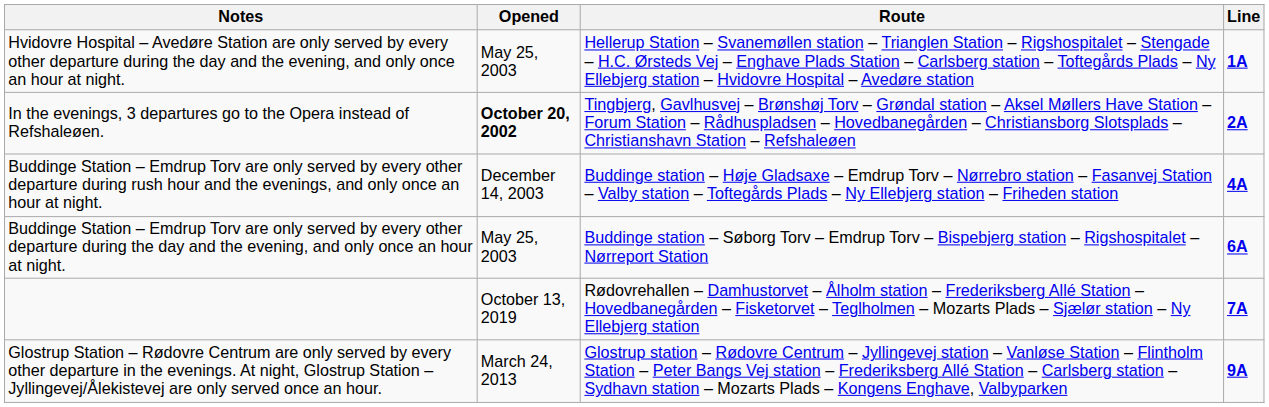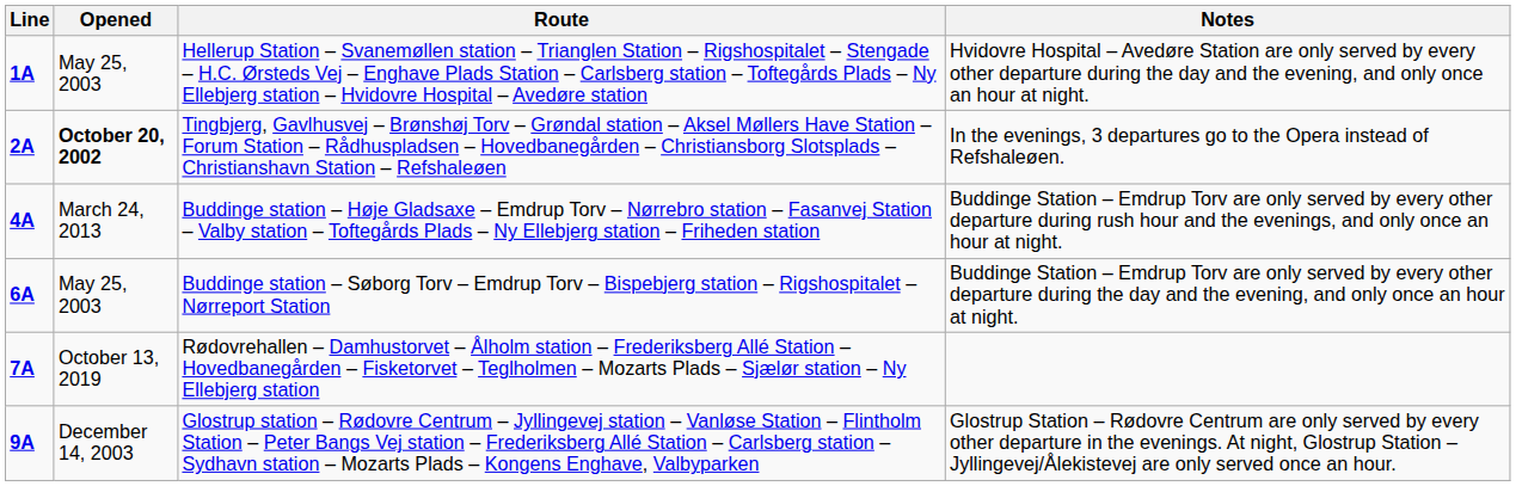 <table class="wikitable">
 <tr>
-<th>Notes</th>
+<th>Line</th>
 <th>Opened</th>
 <th>Route</th>
-<th>Line</th>
+<th>Notes</th>
 </tr>
 <tr>
-<td>Hvidovre Hospital – Avedøre Station are only served by every other departure during the day and the evening, and only once an hour at night.</td>
+<td><strong><a href='#'>1A</a></strong></td>
 <td>May 25, 2003</td>
 <td><a href='#'>Hellerup Station</a> – <a href='#'>Svanemøllen station</a> – <a href='#'>Trianglen Station</a> – <a href='#'>Rigshospitalet</a> – <a href='#'>Stengade</a> – <a href='#'>H.C. Ørsteds Vej</a> – <a href='#'>Enghave Plads Station</a> – <a href='#'>Carlsberg station</a> – <a href='#'>Toftegårds Plads</a> – <a href='#'>Ny Ellebjerg station</a> – <a href='#'>Hvidovre Hospital</a> – <a href='#'>Avedøre station</a></td>
-<td><strong><a href='#'>1A</a></strong></td>
+<td>Hvidovre Hospital – Avedøre Station are only served by every other departure during the day and the evening, and only once an hour at night.</td>
 </tr>
 <tr>
-<td>In the evenings, 3 departures go to the Opera instead of Refshaleøen.</td>
+<td><strong><a href='#'>2A</a></strong></td>
 <td><strong>October 20, 2002</strong></td>
 <td><a href='#'>Tingbjerg</a>, <a href='#'>Gavlhusvej</a> – <a href='#'>Brønshøj Torv</a> – <a href='#'>Grøndal station</a> – <a href='#'>Aksel Møllers Have Station</a> – <a href='#'>Forum Station</a> – <a href='#'>Rådhuspladsen</a> – <a href='#'>Hovedbanegården</a> – <a href='#'>Christiansborg Slotsplads</a> – <a href='#'>Christianshavn Station</a> – <a href='#'>Refshaleøen</a></td>
-<td><strong><a href='#'>2A</a></strong></td>
+<td>In the evenings, 3 departures go to the Opera instead of Refshaleøen.</td>
 </tr>
 <tr>
+<td><strong><a href='#'>4A</a></strong></td>
+<td>March 24, 2013</td>
+<td><a href='#'>Buddinge station</a> – <a href='#'>Høje Gladsaxe</a> – Emdrup Torv – <a href='#'>Nørrebro station</a> – <a href='#'>Fasanvej Station</a> – <a href='#'>Valby station</a> – <a href='#'>Toftegårds Plads</a> – <a href='#'>Ny Ellebjerg station</a> – <a href='#'>Friheden station</a></td>
 <td>Buddinge Station – Emdrup Torv are only served by every other departure during rush hour and the evenings, and only once an hour at night.</td>
-<td>December 14, 2003</td>
-<td><a href='#'>Buddinge station</a> – <a href='#'>Høje Gladsaxe</a> – Emdrup Torv – <a href='#'>Nørrebro station</a> – <a href='#'>Fasanvej Station</a> – <a href='#'>Valby station</a> – <a href='#'>Toftegårds Plads</a> – <a href='#'>Ny Ellebjerg station</a> – <a href='#'>Friheden station</a></td>
-<td><strong><a href='#'>4A</a></strong></td>
 </tr>
 <tr>
-<td>Buddinge Station – Emdrup Torv are only served by every other departure during the day and the evening, and only once an hour at night.</td>
+<td><strong><a href='#'>6A</a></strong></td>
 <td>May 25, 2003</td>
 <td><a href='#'>Buddinge station</a> – Søborg Torv – Emdrup Torv – <a href='#'>Bispebjerg station</a> – <a href='#'>Rigshospitalet</a> – <a href='#'>Nørreport Station</a></td>
-<td><strong><a href='#'>6A</a></strong></td>
+<td>Buddinge Station – Emdrup Torv are only served by every other departure during the day and the evening, and only once an hour at night.</td>
 </tr>
 <tr>
-<td></td>
+<td><strong><a href='#'>7A</a></strong></td>
 <td>October 13, 2019</td>
 <td>Rødovrehallen – <a href='#'>Damhustorvet</a> – <a href='#'>Ålholm station</a> – <a href='#'>Frederiksberg Allé Station</a> – <a href='#'>Hovedbanegården</a> – <a href='#'>Fisketorvet</a> – <a href='#'>Teglholmen</a> – Mozarts Plads – <a href='#'>Sjælør station</a> – <a href='#'>Ny Ellebjerg station</a></td>
-<td><strong><a href='#'>7A</a></strong></td>
+<td></td>
 </tr>
 <tr>
+<td><strong><a href='#'>9A</a></strong></td>
+<td>December 14, 2003</td>
+<td><a href='#'>Glostrup station</a> – <a href='#'>Rødovre Centrum</a> – <a href='#'>Jyllingevej station</a> – <a href='#'>Vanløse Station</a> – <a href='#'>Flintholm Station</a> – <a href='#'>Peter Bangs Vej station</a> – <a href='#'>Frederiksberg Allé Station</a> – <a href='#'>Carlsberg station</a> – <a href='#'>Sydhavn station</a> – Mozarts Plads – <a href='#'>Kongens Enghave</a>, <a href='#'>Valbyparken</a></td>
 <td>Glostrup Station – Rødovre Centrum are only served by every other departure in the evenings. At night, Glostrup Station – Jyllingevej/Ålekistevej are only served once an hour.</td>
-<td>March 24, 2013</td>
-<td><a href='#'>Glostrup station</a> – <a href='#'>Rødovre Centrum</a> – <a href='#'>Jyllingevej station</a> – <a href='#'>Vanløse Station</a> – <a href='#'>Flintholm Station</a> – <a href='#'>Peter Bangs Vej station</a> – <a href='#'>Frederiksberg Allé Station</a> – <a href='#'>Carlsberg station</a> – <a href='#'>Sydhavn station</a> – Mozarts Plads – <a href='#'>Kongens Enghave</a>, <a href='#'>Valbyparken</a></td>
-<td><strong><a href='#'>9A</a></strong></td>
 </tr>
 </table>
